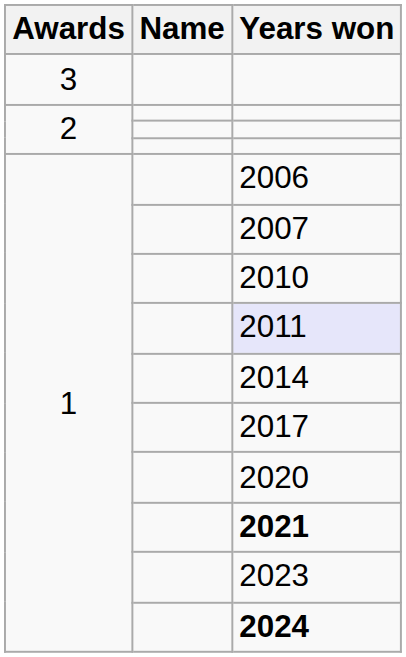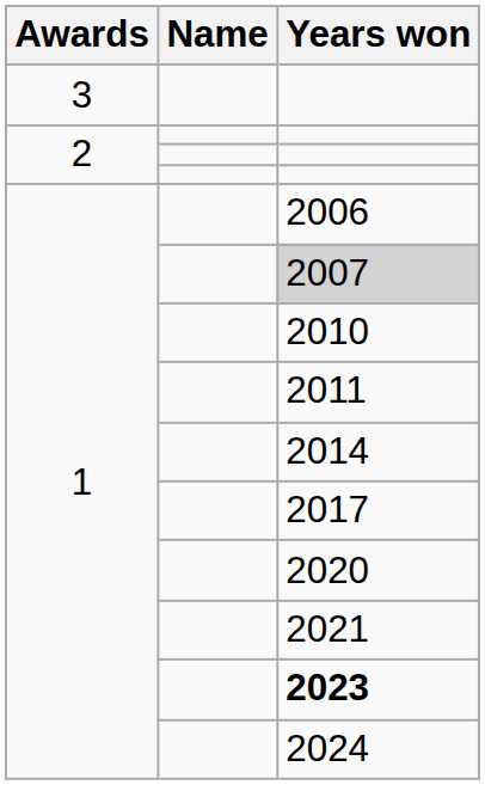 <table class="wikitable style="font-size:100%; text-align: left; width:70%">
 <tr>
 <th>Awards</th>
 <th>Name</th>
 <th>Years won</th>
 </tr>
 <tr>
 <td align=center>3</td>
 <td></td>
 <td></td>
 </tr>
 <tr>
 <td align=center rowspan=3>2</td>
 <td></td>
 <td></td>
 </tr>
 <tr>
 <td></td>
 <td></td>
 </tr>
 <tr>
 <td></td>
 <td></td>
 </tr>
 <tr>
 <td rowspan=10 align=center>1</td>
 <td></td>
 <td>2006</td>
 </tr>
 <tr>
 <td></td>
-<td>2007</td>
+<td style="background: lightgrey;">2007</td>
 </tr>
 <tr>
 <td></td>
 <td>2010</td>
 </tr>
 <tr>
 <td></td>
-<td style="background: lavender;">2011</td>
+<td>2011</td>
 </tr>
 <tr>
 <td></td>
 <td>2014</td>
 </tr>
 <tr>
 <td></td>
 <td>2017</td>
 </tr>
 <tr>
 <td></td>
 <td>2020</td>
 </tr>
 <tr>
 <td></td>
-<td><strong>2021</strong></td>
+<td>2021</td>
 </tr>
 <tr>
 <td></td>
-<td>2023</td>
+<td><strong>2023</strong></td>
 </tr>
 <tr>
 <td></td>
-<td><strong>2024</strong></td>
+<td>2024</td>
 </tr>
 </table>
